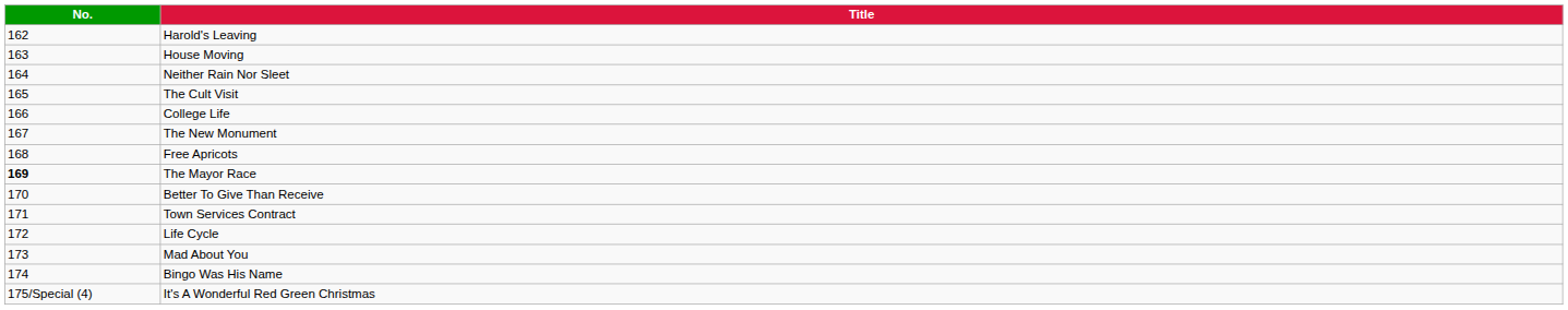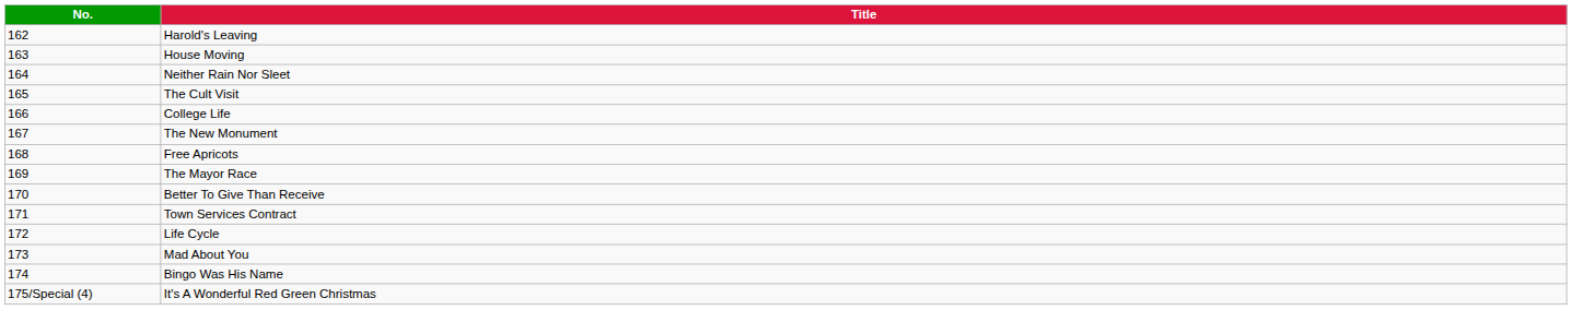 <table class="wikitable plainrowheaders" style="width:100%; margin:auto;">
 <tr>
 <th style="background:#009900; color:#FFFFFF; width:10%">No.</th>
 <th style="background:crimson; color:#FFFFFF">Title</th>
 </tr>
 <tr>
 <td>162</td>
 <td>Harold's Leaving</td>
 </tr>
 <tr>
 <td>163</td>
 <td>House Moving</td>
 </tr>
 <tr>
 <td>164</td>
 <td>Neither Rain Nor Sleet</td>
 </tr>
 <tr>
 <td>165</td>
 <td>The Cult Visit</td>
 </tr>
 <tr>
 <td>166</td>
 <td>College Life</td>
 </tr>
 <tr>
 <td>167</td>
 <td>The New Monument</td>
 </tr>
 <tr>
 <td>168</td>
 <td>Free Apricots</td>
 </tr>
 <tr>
-<td><strong>169</strong></td>
+<td>169</td>
 <td>The Mayor Race</td>
 </tr>
 <tr>
 <td>170</td>
 <td>Better To Give Than Receive</td>
 </tr>
 <tr>
 <td>171</td>
 <td>Town Services Contract</td>
 </tr>
 <tr>
 <td>172</td>
 <td>Life Cycle</td>
 </tr>
 <tr>
 <td>173</td>
 <td>Mad About You</td>
 </tr>
 <tr>
 <td>174</td>
 <td>Bingo Was His Name</td>
 </tr>
 <tr>
 <td>175/Special (4)</td>
 <td>It's A Wonderful Red Green Christmas</td>
 </tr>
 </table>
